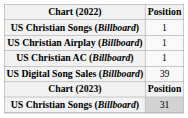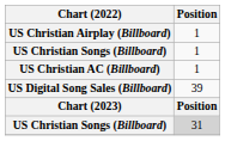 <table class="wikitable plainrowheaders" style="text-align:center">
 <tr>
 <th scope="col">Chart (2022)</th>
 <th scope="col">Position</th>
 </tr>
 <tr>
-<th scope="row">US Christian Songs (<em>Billboard</em>)</th>
+<th scope="row">US Christian Airplay (<em>Billboard</em>)</th>
 <td>1</td>
 </tr>
 <tr>
-<th scope="row">US Christian Airplay (<em>Billboard</em>)</th>
+<th scope="row">US Christian Songs (<em>Billboard</em>)</th>
 <td>1</td>
 </tr>
 <tr>
 <th scope="row">US Christian AC (<em>Billboard</em>)</th>
 <td>1</td>
 </tr>
 <tr>
 <th scope="row">US Digital Song Sales (<em>Billboard</em>)</th>
 <td>39</td>
 </tr>
 <tr>
 <th scope="col">Chart (2023)</th>
 <th scope="col">Position</th>
 </tr>
 <tr>
 <th scope="row">US Christian Songs (<em>Billboard</em>)</th>
 <td style="background: lightgrey;">31</td>
 </tr>
 <tr>
 </tr>
 </table>
